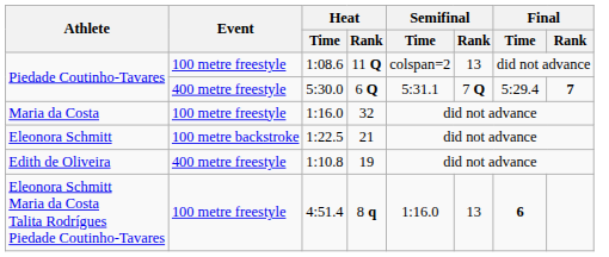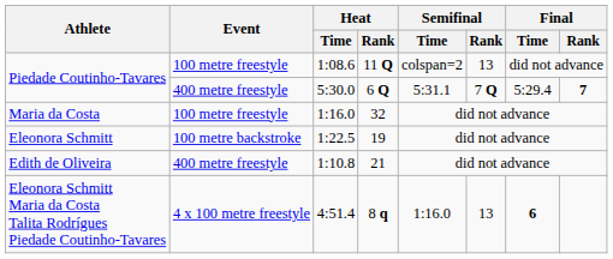 <table class=wikitable style="font-size:90%">
 <tr>
 <th rowspan="2">Athlete</th>
 <th rowspan="2">Event</th>
 <th colspan="2">Heat</th>
 <th colspan="2">Semifinal</th>
 <th colspan="2">Final</th>
 </tr>
 <tr style="font-size:95%">
 <th>Time</th>
 <th>Rank</th>
 <th>Time</th>
 <th>Rank</th>
 <th>Time</th>
 <th>Rank</th>
 </tr>
 <tr align=center>
 <td align=left rowspan=2><a href='#'>Piedade Coutinho-Tavares</a></td>
 <td align=left><a href='#'>100 metre freestyle</a></td>
 <td>1:08.6</td>
 <td>11 <strong>Q</strong></td>
 <td>colspan=2 </td>
 <td>13</td>
 <td colspan=4>did not advance</td>
 </tr>
 <tr align=center>
 <td align=left><a href='#'>400 metre freestyle</a></td>
 <td>5:30.0</td>
 <td>6 <strong>Q</strong></td>
 <td>5:31.1</td>
 <td>7 <strong>Q</strong></td>
 <td>5:29.4</td>
 <td><strong>7</strong></td>
 </tr>
 <tr align=center>
 <td align=left rowspan=1><a href='#'>Maria da Costa</a></td>
 <td align=left><a href='#'>100 metre freestyle</a></td>
 <td>1:16.0</td>
 <td>32</td>
 <td colspan=4>did not advance</td>
 </tr>
 <tr align=center>
 <td align=left rowspan=1><a href='#'>Eleonora Schmitt</a></td>
 <td align=left><a href='#'>100 metre backstroke</a></td>
 <td>1:22.5</td>
-<td>21</td>
+<td>19</td>
 <td colspan=4>did not advance</td>
 </tr>
 <tr align=center>
 <td align=left rowspan=1><a href='#'>Edith de Oliveira</a></td>
 <td align=left><a href='#'>400 metre freestyle</a></td>
 <td>1:10.8</td>
-<td>19</td>
+<td>21</td>
 <td colspan=4>did not advance</td>
 </tr>
 <tr align=center>
 <td align=left rowspan=1><a href='#'>Eleonora Schmitt</a><br><a href='#'>Maria da Costa</a><br><a href='#'>Talita Rodrígues</a><br><a href='#'>Piedade Coutinho-Tavares</a></td>
-<td align=left><a href='#'>100 metre freestyle</a></td>
+<td align=left><a href='#'>4 x 100 metre freestyle</a></td>
 <td>4:51.4</td>
 <td>8 <strong>q</strong></td>
 <td>1:16.0</td>
 <td>13</td>
 <td><strong>6</strong></td>
 </tr>
 </table>
